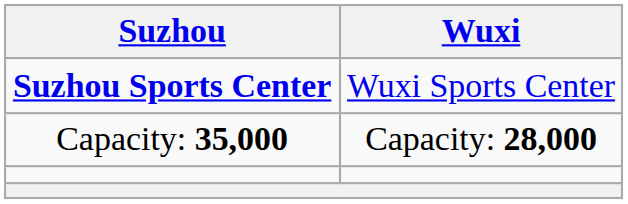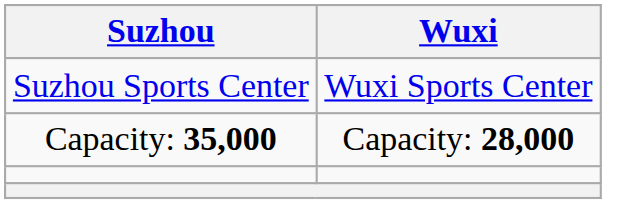 <table class="wikitable" style="text-align:center">
 <tr>
 <th><a href='#'>Suzhou</a></th>
 <th><a href='#'>Wuxi</a></th>
 </tr>
 <tr>
-<td><strong><a href='#'>Suzhou Sports Center</a></strong></td>
+<td><a href='#'>Suzhou Sports Center</a></td>
 <td><a href='#'>Wuxi Sports Center</a></td>
 </tr>
 <tr>
 <td>Capacity: <strong>35,000</strong></td>
 <td>Capacity: <strong>28,000</strong></td>
 </tr>
 <tr>
 <td></td>
 <td></td>
 </tr>
 <tr>
 <th colspan="2" rowspan="4"></th>
 </tr>
 </table>
